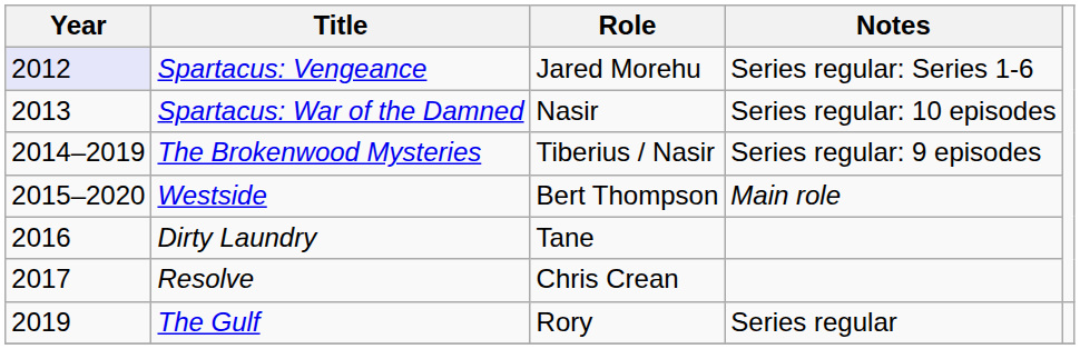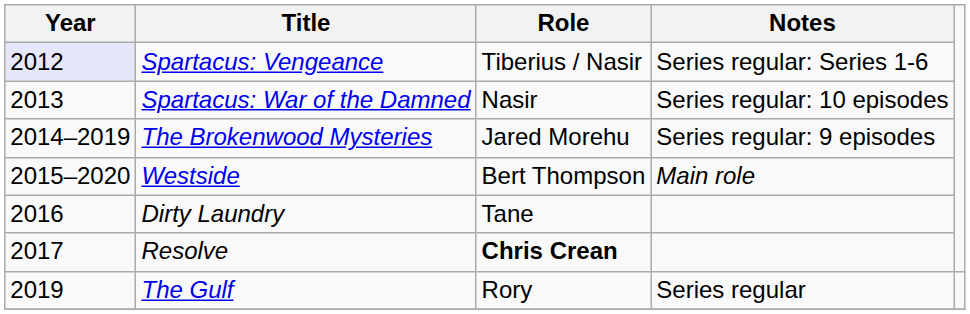 <table class="wikitable sortable">
 <tr>
 <th>Year</th>
 <th>Title</th>
 <th>Role</th>
 <th class="unsortable">Notes</th>
 </tr>
 <tr>
 <td style="background: lavender;">2012</td>
 <td><em><a href='#'>Spartacus: Vengeance</a></em></td>
-<td>Jared Morehu</td>
+<td>Tiberius / Nasir</td>
 <td>Series regular: Series 1-6</td>
 </tr>
 <tr>
 <td>2013</td>
 <td><em><a href='#'>Spartacus: War of the Damned</a></em></td>
 <td>Nasir</td>
 <td>Series regular: 10 episodes</td>
 </tr>
 <tr>
 <td>2014–2019</td>
 <td><em><a href='#'>The Brokenwood Mysteries</a></em></td>
-<td>Tiberius / Nasir</td>
+<td>Jared Morehu</td>
 <td>Series regular: 9 episodes</td>
 </tr>
 <tr>
 <td>2015–2020</td>
 <td><em><a href='#'>Westside</a></em></td>
 <td>Bert Thompson</td>
 <td><em>Main role</em></td>
 </tr>
 <tr>
 <td>2016</td>
 <td><em>Dirty Laundry</em></td>
 <td>Tane</td>
 <td></td>
 </tr>
 <tr>
 <td>2017</td>
 <td><em>Resolve</em></td>
-<td>Chris Crean</td>
+<td><strong>Chris Crean</strong></td>
 <td></td>
 </tr>
 <tr>
 <td>2019</td>
 <td><em><a href='#'>The Gulf</a></em></td>
 <td>Rory</td>
 <td>Series regular</td>
 <td></td>
 </tr>
 <tr>
 </tr>
 </table>
